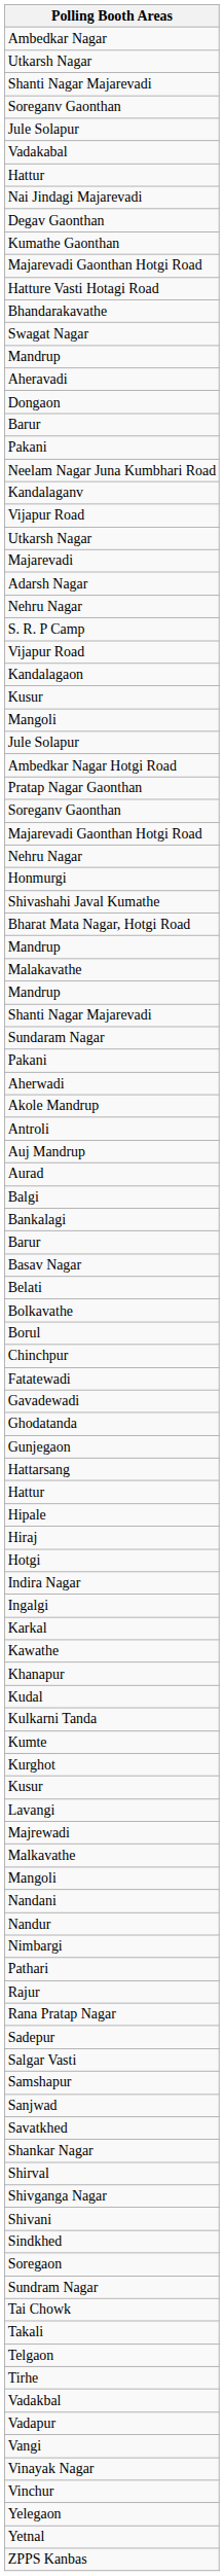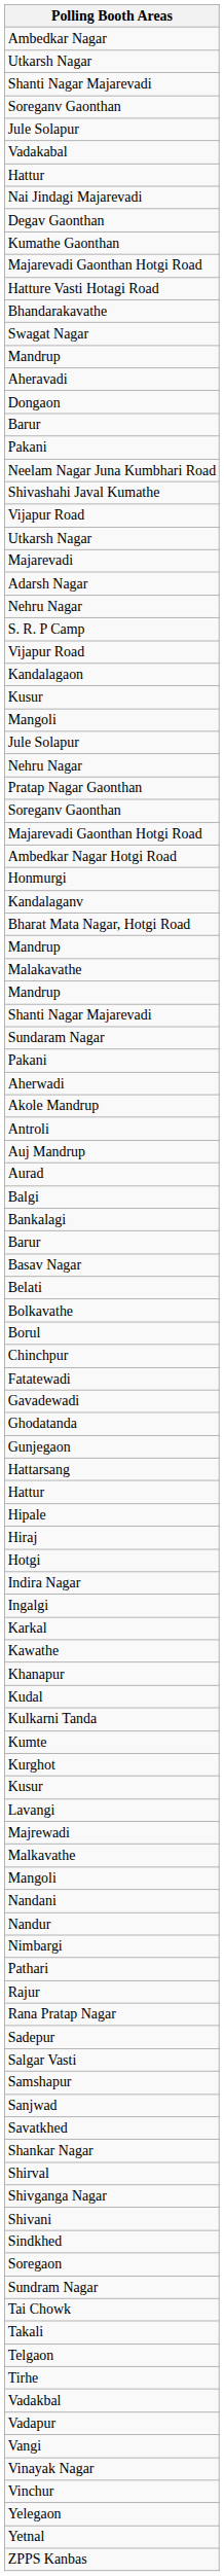 <table class="wikitable">
 <tr>
 <th>Polling Booth Areas</th>
 </tr>
 <tr>
 <td>Ambedkar Nagar</td>
 </tr>
 <tr>
 <td>Utkarsh Nagar</td>
 </tr>
 <tr>
 <td>Shanti Nagar Majarevadi</td>
 </tr>
 <tr>
 <td>Soreganv Gaonthan</td>
 </tr>
 <tr>
 <td>Jule Solapur</td>
 </tr>
 <tr>
 <td>Vadakabal</td>
 </tr>
 <tr>
 <td>Hattur</td>
 </tr>
 <tr>
 <td>Nai Jindagi Majarevadi</td>
 </tr>
 <tr>
 <td>Degav Gaonthan</td>
 </tr>
 <tr>
 <td>Kumathe Gaonthan</td>
 </tr>
 <tr>
 <td>Majarevadi Gaonthan Hotgi Road</td>
 </tr>
 <tr>
 <td>Hatture Vasti Hotagi Road</td>
 </tr>
 <tr>
 <td>Bhandarakavathe</td>
 </tr>
 <tr>
 <td>Swagat Nagar</td>
 </tr>
 <tr>
 <td>Mandrup</td>
 </tr>
 <tr>
 <td>Aheravadi</td>
 </tr>
 <tr>
 <td>Dongaon</td>
 </tr>
 <tr>
 <td>Barur</td>
 </tr>
 <tr>
 <td>Pakani</td>
 </tr>
 <tr>
 <td>Neelam Nagar Juna Kumbhari Road</td>
 </tr>
 <tr>
-<td>Kandalaganv</td>
+<td>Shivashahi Javal Kumathe</td>
 </tr>
 <tr>
 <td>Vijapur Road</td>
 </tr>
 <tr>
 <td>Utkarsh Nagar</td>
 </tr>
 <tr>
 <td>Majarevadi</td>
 </tr>
 <tr>
 <td>Adarsh Nagar</td>
 </tr>
 <tr>
 <td>Nehru Nagar</td>
 </tr>
 <tr>
 <td>S. R. P Camp</td>
 </tr>
 <tr>
 <td>Vijapur Road</td>
 </tr>
 <tr>
 <td>Kandalagaon</td>
 </tr>
 <tr>
 <td>Kusur</td>
 </tr>
 <tr>
 <td>Mangoli</td>
 </tr>
 <tr>
 <td>Jule Solapur</td>
 </tr>
 <tr>
-<td>Ambedkar Nagar Hotgi Road</td>
+<td>Nehru Nagar</td>
 </tr>
 <tr>
 <td>Pratap Nagar Gaonthan</td>
 </tr>
 <tr>
 <td>Soreganv Gaonthan</td>
 </tr>
 <tr>
 <td>Majarevadi Gaonthan Hotgi Road</td>
 </tr>
 <tr>
-<td>Nehru Nagar</td>
+<td>Ambedkar Nagar Hotgi Road</td>
 </tr>
 <tr>
 <td>Honmurgi</td>
 </tr>
 <tr>
-<td>Shivashahi Javal Kumathe</td>
+<td>Kandalaganv</td>
 </tr>
 <tr>
 <td>Bharat Mata Nagar, Hotgi Road</td>
 </tr>
 <tr>
 <td>Mandrup</td>
 </tr>
 <tr>
 <td>Malakavathe</td>
 </tr>
 <tr>
 <td>Mandrup</td>
 </tr>
 <tr>
 <td>Shanti Nagar Majarevadi</td>
 </tr>
 <tr>
 <td>Sundaram Nagar</td>
 </tr>
 <tr>
 <td>Pakani</td>
 </tr>
 <tr>
 <td>Aherwadi</td>
 </tr>
 <tr>
 <td>Akole Mandrup</td>
 </tr>
 <tr>
 <td>Antroli</td>
 </tr>
 <tr>
 <td>Auj Mandrup</td>
 </tr>
 <tr>
 <td>Aurad</td>
 </tr>
 <tr>
 <td>Balgi</td>
 </tr>
 <tr>
 <td>Bankalagi</td>
 </tr>
 <tr>
 <td>Barur</td>
 </tr>
 <tr>
 <td>Basav Nagar</td>
 </tr>
 <tr>
 <td>Belati</td>
 </tr>
 <tr>
 <td>Bolkavathe</td>
 </tr>
 <tr>
 <td>Borul</td>
 </tr>
 <tr>
 <td>Chinchpur</td>
 </tr>
 <tr>
 <td>Fatatewadi</td>
 </tr>
 <tr>
 <td>Gavadewadi</td>
 </tr>
 <tr>
 <td>Ghodatanda</td>
 </tr>
 <tr>
 <td>Gunjegaon</td>
 </tr>
 <tr>
 <td>Hattarsang</td>
 </tr>
 <tr>
 <td>Hattur</td>
 </tr>
 <tr>
 <td>Hipale</td>
 </tr>
 <tr>
 <td>Hiraj</td>
 </tr>
 <tr>
 <td>Hotgi</td>
 </tr>
 <tr>
 <td>Indira Nagar</td>
 </tr>
 <tr>
 <td>Ingalgi</td>
 </tr>
 <tr>
 <td>Karkal</td>
 </tr>
 <tr>
 <td>Kawathe</td>
 </tr>
 <tr>
 <td>Khanapur</td>
 </tr>
 <tr>
 <td>Kudal</td>
 </tr>
 <tr>
 <td>Kulkarni Tanda</td>
 </tr>
 <tr>
 <td>Kumte</td>
 </tr>
 <tr>
 <td>Kurghot</td>
 </tr>
 <tr>
 <td>Kusur</td>
 </tr>
 <tr>
 <td>Lavangi</td>
 </tr>
 <tr>
 <td>Majrewadi</td>
 </tr>
 <tr>
 <td>Malkavathe</td>
 </tr>
 <tr>
 <td>Mangoli</td>
 </tr>
 <tr>
 <td>Nandani</td>
 </tr>
 <tr>
 <td>Nandur</td>
 </tr>
 <tr>
 <td>Nimbargi</td>
 </tr>
 <tr>
 <td>Pathari</td>
 </tr>
 <tr>
 <td>Rajur</td>
 </tr>
 <tr>
 <td>Rana Pratap Nagar</td>
 </tr>
 <tr>
 <td>Sadepur</td>
 </tr>
 <tr>
 <td>Salgar Vasti</td>
 </tr>
 <tr>
 <td>Samshapur</td>
 </tr>
 <tr>
 <td>Sanjwad</td>
 </tr>
 <tr>
 <td>Savatkhed</td>
 </tr>
 <tr>
 <td>Shankar Nagar</td>
 </tr>
 <tr>
 <td>Shirval</td>
 </tr>
 <tr>
 <td>Shivganga Nagar</td>
 </tr>
 <tr>
 <td>Shivani</td>
 </tr>
 <tr>
 <td>Sindkhed</td>
 </tr>
 <tr>
 <td>Soregaon</td>
 </tr>
 <tr>
 <td>Sundram Nagar</td>
 </tr>
 <tr>
 <td>Tai Chowk</td>
 </tr>
 <tr>
 <td>Takali</td>
 </tr>
 <tr>
 <td>Telgaon</td>
 </tr>
 <tr>
 <td>Tirhe</td>
 </tr>
 <tr>
 <td>Vadakbal</td>
 </tr>
 <tr>
 <td>Vadapur</td>
 </tr>
 <tr>
 <td>Vangi</td>
 </tr>
 <tr>
 <td>Vinayak Nagar</td>
 </tr>
 <tr>
 <td>Vinchur</td>
 </tr>
 <tr>
 <td>Yelegaon</td>
 </tr>
 <tr>
 <td>Yetnal</td>
 </tr>
 <tr>
 <td>ZPPS Kanbas</td>
 </tr>
 </table>
